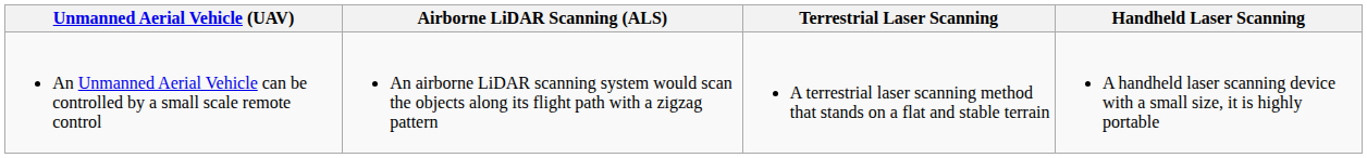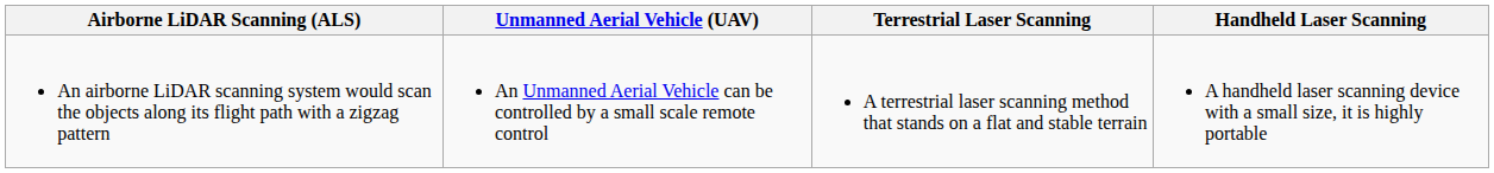 <table class="wikitable">
 <tr>
+<th>Airborne LiDAR Scanning (ALS)</th>
 <th><a href='#'>Unmanned Aerial Vehicle</a> (UAV)</th>
-<th>Airborne LiDAR Scanning (ALS)</th>
 <th>Terrestrial Laser Scanning</th>
 <th>Handheld Laser Scanning</th>
 </tr>
 <tr>
+<td><br><ul><li>An airborne LiDAR scanning system would scan the objects along its flight path with a zigzag pattern</li></ul></td>
 <td><br><ul><li>An <a href='#'>Unmanned Aerial Vehicle</a> can be controlled by a small scale remote control</li></ul></td>
-<td><br><ul><li>An airborne LiDAR scanning system would scan the objects along its flight path with a zigzag pattern</li></ul></td>
 <td><br><ul><li>A terrestrial laser scanning method that stands on a flat and stable terrain</li></ul></td>
 <td><br><ul><li>A handheld laser scanning device with a small size, it is highly portable</li></ul></td>
 </tr>
 </table>
